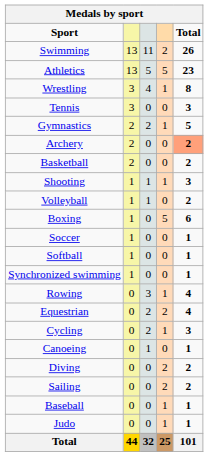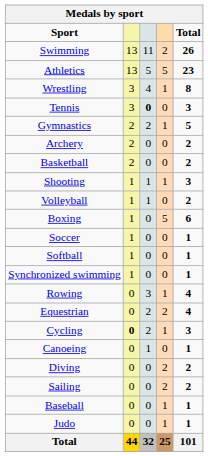 <table class=wikitable style="font-size:85%; float:right;text-align:center">
 <tr bgcolor=EFEFEF>
 <th colspan=7>Medals by sport</th>
 </tr>
 <tr>
 <td><strong>Sport</strong></td>
 <td bgcolor=F7F6A8></td>
 <td bgcolor=DCE5E5></td>
 <td bgcolor=FFDBA9></td>
 <td><strong>Total</strong></td>
 </tr>
 <tr>
 <td><a href='#'>Swimming</a></td>
 <td bgcolor=F7F6A8>13</td>
 <td bgcolor=DCE5E5>11</td>
 <td bgcolor=FFDAB9>2</td>
 <td><strong>26</strong></td>
 </tr>
 <tr>
 <td><a href='#'>Athletics</a></td>
 <td bgcolor=F7F6A8>13</td>
 <td bgcolor=DCE5E5>5</td>
 <td bgcolor=FFDAB9>5</td>
 <td><strong>23</strong></td>
 </tr>
 <tr>
 <td><a href='#'>Wrestling</a></td>
 <td bgcolor=F7F6A8>3</td>
 <td bgcolor=DCE5E5>4</td>
 <td bgcolor=FFDAB9>1</td>
 <td><strong>8</strong></td>
 </tr>
 <tr>
 <td><a href='#'>Tennis</a></td>
 <td bgcolor=F7F6A8>3</td>
-<td bgcolor=DCE5E5>0</td>
+<td bgcolor=DCE5E5><strong>0</strong></td>
 <td bgcolor=FFDAB9>0</td>
 <td><strong>3</strong></td>
 </tr>
 <tr>
 <td><a href='#'>Gymnastics</a></td>
 <td bgcolor=F7F6A8>2</td>
 <td bgcolor=DCE5E5>2</td>
 <td bgcolor=FFDAB9>1</td>
 <td><strong>5</strong></td>
 </tr>
 <tr>
 <td><a href='#'>Archery</a></td>
 <td bgcolor=F7F6A8>2</td>
 <td bgcolor=DCE5E5>0</td>
 <td bgcolor=FFDAB9>0</td>
-<td style="background: lightsalmon;"><strong>2</strong></td>
+<td><strong>2</strong></td>
 </tr>
 <tr>
 <td><a href='#'>Basketball</a></td>
 <td bgcolor=F7F6A8>2</td>
 <td bgcolor=DCE5E5>0</td>
 <td bgcolor=FFDAB9>0</td>
 <td><strong>2</strong></td>
 </tr>
 <tr>
 <td><a href='#'>Shooting</a></td>
 <td bgcolor=F7F6A8>1</td>
 <td bgcolor=DCE5E5>1</td>
 <td bgcolor=FFDAB9>1</td>
 <td><strong>3</strong></td>
 </tr>
 <tr>
 <td><a href='#'>Volleyball</a></td>
 <td bgcolor=F7F6A8>1</td>
 <td bgcolor=DCE5E5>1</td>
 <td bgcolor=FFDAB9>0</td>
 <td><strong>2</strong></td>
 </tr>
 <tr>
 <td><a href='#'>Boxing</a></td>
 <td bgcolor=F7F6A8>1</td>
 <td bgcolor=DCE5E5>0</td>
 <td bgcolor=FFDAB9>5</td>
 <td><strong>6</strong></td>
 </tr>
 <tr>
 <td><a href='#'>Soccer</a></td>
 <td bgcolor=F7F6A8>1</td>
 <td bgcolor=DCE5E5>0</td>
 <td bgcolor=FFDAB9>0</td>
 <td><strong>1</strong></td>
 </tr>
 <tr>
 <td><a href='#'>Softball</a></td>
 <td bgcolor=F7F6A8>1</td>
 <td bgcolor=DCE5E5>0</td>
 <td bgcolor=FFDAB9>0</td>
 <td><strong>1</strong></td>
 </tr>
 <tr>
 <td><a href='#'>Synchronized swimming</a></td>
 <td bgcolor=F7F6A8>1</td>
 <td bgcolor=DCE5E5>0</td>
 <td bgcolor=FFDAB9>0</td>
 <td><strong>1</strong></td>
 </tr>
 <tr>
 <td><a href='#'>Rowing</a></td>
 <td bgcolor=F7F6A8>0</td>
 <td bgcolor=DCE5E5>3</td>
 <td bgcolor=FFDAB9>1</td>
 <td><strong>4</strong></td>
 </tr>
 <tr>
 <td><a href='#'>Equestrian</a></td>
 <td bgcolor=F7F6A8>0</td>
 <td bgcolor=DCE5E5>2</td>
 <td bgcolor=FFDAB9>2</td>
 <td><strong>4</strong></td>
 </tr>
 <tr>
 <td><a href='#'>Cycling</a></td>
-<td bgcolor=F7F6A8>0</td>
+<td bgcolor=F7F6A8><strong>0</strong></td>
 <td bgcolor=DCE5E5>2</td>
 <td bgcolor=FFDAB9>1</td>
 <td><strong>3</strong></td>
 </tr>
 <tr>
 <td><a href='#'>Canoeing</a></td>
 <td bgcolor=F7F6A8>0</td>
 <td bgcolor=DCE5E5>1</td>
 <td bgcolor=FFDAB9>0</td>
 <td><strong>1</strong></td>
 </tr>
 <tr>
 <td><a href='#'>Diving</a></td>
 <td bgcolor=F7F6A8>0</td>
 <td bgcolor=DCE5E5>0</td>
 <td bgcolor=FFDAB9>2</td>
 <td><strong>2</strong></td>
 </tr>
 <tr>
 <td><a href='#'>Sailing</a></td>
 <td bgcolor=F7F6A8>0</td>
 <td bgcolor=DCE5E5>0</td>
 <td bgcolor=FFDAB9>2</td>
 <td><strong>2</strong></td>
 </tr>
 <tr>
 <td><a href='#'>Baseball</a></td>
 <td bgcolor=F7F6A8>0</td>
 <td bgcolor=DCE5E5>0</td>
 <td bgcolor=FFDAB9>1</td>
 <td><strong>1</strong></td>
 </tr>
 <tr>
 <td><a href='#'>Judo</a></td>
 <td bgcolor=F7F6A8>0</td>
 <td bgcolor=DCE5E5>0</td>
 <td bgcolor=FFDAB9>1</td>
 <td><strong>1</strong></td>
 </tr>
 <tr>
 <th>Total</th>
 <th style=background:gold>44</th>
 <th style=background:silver>32</th>
 <th style=background:#C96>25</th>
 <th>101</th>
 </tr>
 </table>
